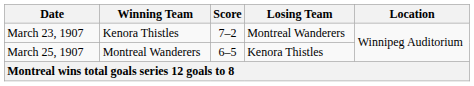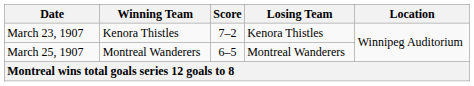 <table class="wikitable">
 <tr>
 <th width="120">Date</th>
 <th width="140">Winning Team</th>
 <th width="5">Score</th>
 <th width="140">Losing Team</th>
 <th width="145">Location</th>
 </tr>
 <tr>
 <td>March 23, 1907</td>
 <td>Kenora Thistles</td>
 <td align="center">7–2</td>
-<td>Montreal Wanderers</td>
+<td>Kenora Thistles</td>
 <td rowspan="2">Winnipeg Auditorium</td>
 </tr>
 <tr>
 <td>March 25, 1907</td>
 <td>Montreal Wanderers</td>
 <td align="center">6–5</td>
-<td>Kenora Thistles</td>
+<td>Montreal Wanderers</td>
 </tr>
 <tr>
 <th colspan="5" style="text-align:left;">Montreal wins total goals series 12 goals to 8</th>
 </tr>
 </table>
